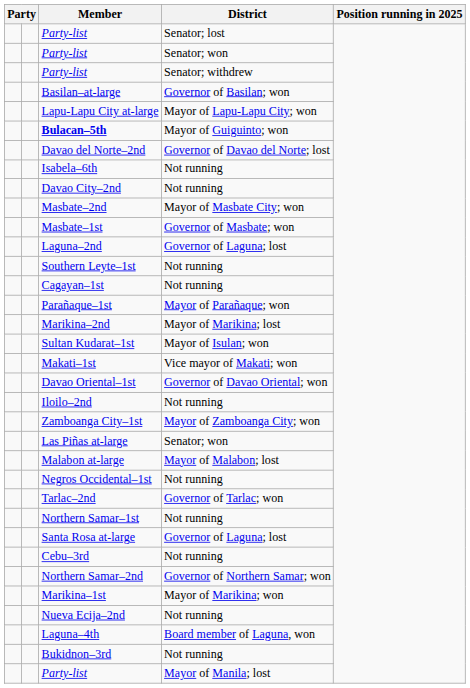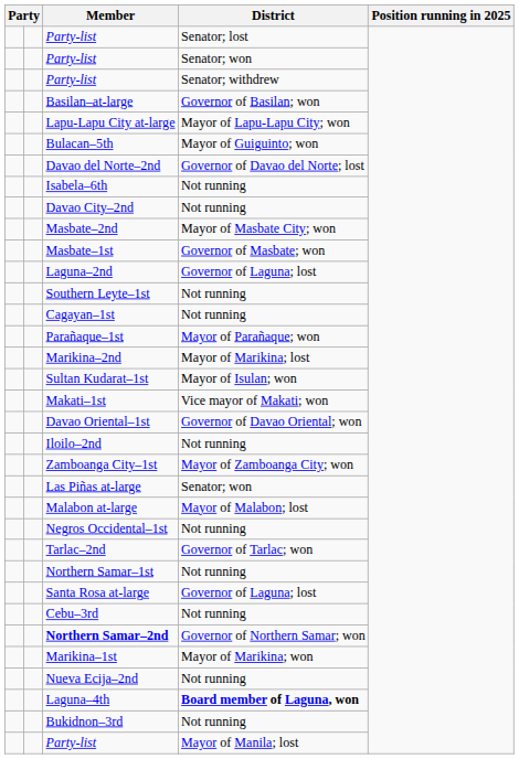 <table class="wikitable sortable" style="font-size:93%">
 <tr>
 <th colspan="2">Party</th>
 <th>Member</th>
 <th>District</th>
 <th>Position running in 2025</th>
 </tr>
 <tr>
 <td></td>
 <td></td>
 <td><a href='#'><em>Party-list</em></a></td>
 <td>Senator; lost</td>
 </tr>
 <tr>
 <td></td>
 <td></td>
 <td><a href='#'><em>Party-list</em></a></td>
 <td>Senator; won</td>
 </tr>
 <tr>
 <td></td>
 <td></td>
 <td><a href='#'><em>Party-list</em></a></td>
 <td>Senator; withdrew</td>
 </tr>
 <tr>
 <td></td>
 <td></td>
 <td><a href='#'>Basilan–at-large</a></td>
 <td><a href='#'>Governor</a> of <a href='#'>Basilan</a>; won</td>
 </tr>
 <tr>
 <td></td>
 <td></td>
 <td><a href='#'>Lapu-Lapu City at-large</a></td>
 <td>Mayor of <a href='#'>Lapu-Lapu City</a>; won</td>
 </tr>
 <tr>
 <td></td>
 <td></td>
-<td><strong><a href='#'>Bulacan–5th</a></strong></td>
+<td><a href='#'>Bulacan–5th</a></td>
 <td>Mayor of <a href='#'>Guiguinto</a>; won</td>
 </tr>
 <tr>
 <td></td>
 <td></td>
 <td><a href='#'>Davao del Norte–2nd</a></td>
 <td><a href='#'>Governor</a> of <a href='#'>Davao del Norte</a>; lost</td>
 </tr>
 <tr>
 <td></td>
 <td></td>
 <td><a href='#'>Isabela–6th</a></td>
 <td>Not running</td>
 </tr>
 <tr>
 <td></td>
 <td></td>
 <td><a href='#'>Davao City–2nd</a></td>
 <td>Not running</td>
 </tr>
 <tr>
 <td></td>
 <td></td>
 <td><a href='#'>Masbate–2nd</a></td>
 <td>Mayor of <a href='#'>Masbate City</a>; won</td>
 </tr>
 <tr>
 <td></td>
 <td></td>
 <td><a href='#'>Masbate–1st</a></td>
 <td><a href='#'>Governor</a> of <a href='#'>Masbate</a>; won</td>
 </tr>
 <tr>
 <td></td>
 <td></td>
 <td><a href='#'>Laguna–2nd</a></td>
 <td><a href='#'>Governor</a> of <a href='#'>Laguna</a>; lost</td>
 </tr>
 <tr>
 <td></td>
 <td></td>
 <td><a href='#'>Southern Leyte–1st</a></td>
 <td>Not running</td>
 </tr>
 <tr>
 <td></td>
 <td></td>
 <td><a href='#'>Cagayan–1st</a></td>
 <td>Not running</td>
 </tr>
 <tr>
 <td></td>
 <td></td>
 <td><a href='#'>Parañaque–1st</a></td>
 <td><a href='#'>Mayor</a> of <a href='#'>Parañaque</a>; won</td>
 </tr>
 <tr>
 <td></td>
 <td></td>
 <td><a href='#'>Marikina–2nd</a></td>
 <td>Mayor of <a href='#'>Marikina</a>; lost</td>
 </tr>
 <tr>
 <td></td>
 <td></td>
 <td><a href='#'>Sultan Kudarat–1st</a></td>
 <td>Mayor of <a href='#'>Isulan</a>; won</td>
 </tr>
 <tr>
 <td></td>
 <td></td>
 <td><a href='#'>Makati–1st</a></td>
 <td>Vice mayor of <a href='#'>Makati</a>; won</td>
 </tr>
 <tr>
 <td></td>
 <td></td>
 <td><a href='#'>Davao Oriental–1st</a></td>
 <td><a href='#'>Governor</a> of <a href='#'>Davao Oriental</a>; won</td>
 </tr>
 <tr>
 <td></td>
 <td></td>
 <td><a href='#'>Iloilo–2nd</a></td>
 <td>Not running</td>
 </tr>
 <tr>
 <td></td>
 <td></td>
 <td><a href='#'>Zamboanga City–1st</a></td>
 <td><a href='#'>Mayor</a> of <a href='#'>Zamboanga City</a>; won</td>
 </tr>
 <tr>
 <td></td>
 <td></td>
 <td><a href='#'>Las Piñas at-large</a></td>
 <td>Senator; won</td>
 </tr>
 <tr>
 <td></td>
 <td></td>
 <td><a href='#'>Malabon at-large</a></td>
 <td><a href='#'>Mayor</a> of <a href='#'>Malabon</a>; lost</td>
 </tr>
 <tr>
 <td></td>
 <td></td>
 <td><a href='#'>Negros Occidental–1st</a></td>
 <td>Not running</td>
 </tr>
 <tr>
 <td></td>
 <td></td>
 <td><a href='#'>Tarlac–2nd</a></td>
 <td><a href='#'>Governor</a> of <a href='#'>Tarlac</a>; won</td>
 </tr>
 <tr>
 <td></td>
 <td></td>
 <td><a href='#'>Northern Samar–1st</a></td>
 <td>Not running</td>
 </tr>
 <tr>
 <td></td>
 <td></td>
 <td><a href='#'>Santa Rosa at-large</a></td>
 <td><a href='#'>Governor</a> of <a href='#'>Laguna</a>; lost</td>
 </tr>
 <tr>
 <td></td>
 <td></td>
 <td><a href='#'>Cebu–3rd</a></td>
 <td>Not running</td>
 </tr>
 <tr>
 <td></td>
 <td></td>
-<td><a href='#'>Northern Samar–2nd</a></td>
+<td><strong><a href='#'>Northern Samar–2nd</a></strong></td>
 <td><a href='#'>Governor</a> of <a href='#'>Northern Samar</a>; won</td>
 </tr>
 <tr>
 <td></td>
 <td></td>
 <td><a href='#'>Marikina–1st</a></td>
 <td>Mayor of <a href='#'>Marikina</a>; won</td>
 </tr>
 <tr>
 <td></td>
 <td></td>
 <td><a href='#'>Nueva Ecija–2nd</a></td>
 <td>Not running</td>
 </tr>
 <tr>
 <td></td>
 <td></td>
 <td><a href='#'>Laguna–4th</a></td>
-<td><a href='#'>Board member</a> of <a href='#'>Laguna</a>, won</td>
+<td><strong><a href='#'>Board member</a> of <a href='#'>Laguna</a>, won</strong></td>
 </tr>
 <tr>
 <td></td>
 <td></td>
 <td><a href='#'>Bukidnon–3rd</a></td>
 <td>Not running</td>
 </tr>
 <tr>
 <td></td>
 <td></td>
 <td><a href='#'><em>Party-list</em></a></td>
 <td><a href='#'>Mayor</a> of <a href='#'>Manila</a>; lost</td>
 </tr>
 </table>
